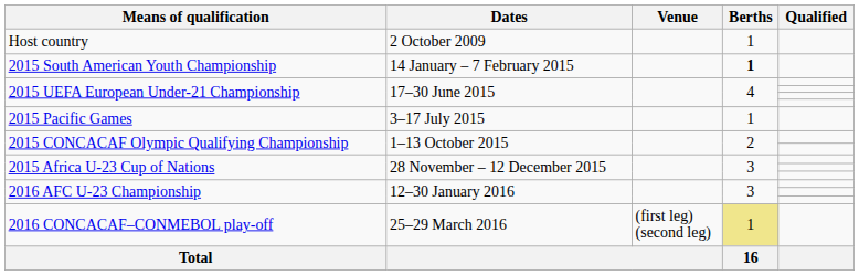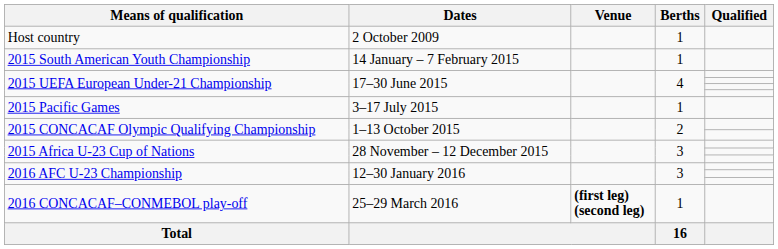 <table class="wikitable" width="70%">
 <tr>
 <th>Means of qualification</th>
 <th>Dates</th>
 <th>Venue</th>
 <th>Berths</th>
 <th>Qualified</th>
 </tr>
 <tr>
 <td>Host country</td>
 <td>2 October 2009</td>
 <td></td>
 <td align="center">1</td>
 <td></td>
 </tr>
 <tr>
 <td><a href='#'>2015 South American Youth Championship</a></td>
 <td>14 January – 7 February 2015</td>
 <td></td>
-<td align=center><strong>1</strong></td>
+<td align=center>1</td>
 <td></td>
 </tr>
 <tr>
 <td rowspan="4"><a href='#'>2015 UEFA European Under-21 Championship</a></td>
 <td rowspan="4">17–30 June 2015</td>
 <td rowspan="4"></td>
 <td rowspan="4" align=center>4</td>
 <td></td>
 </tr>
 <tr>
 <td></td>
 </tr>
 <tr>
 <td></td>
 </tr>
 <tr>
 <td></td>
 </tr>
 <tr>
 <td><a href='#'>2015 Pacific Games</a></td>
 <td>3–17 July 2015</td>
 <td></td>
 <td align=center>1</td>
 <td></td>
 </tr>
 <tr>
 <td rowspan="2"><a href='#'>2015 CONCACAF Olympic Qualifying Championship</a></td>
 <td rowspan="2">1–13 October 2015</td>
 <td rowspan="2"></td>
 <td rowspan="2" align=center>2</td>
 <td></td>
 </tr>
 <tr>
 <td></td>
 </tr>
 <tr>
 <td rowspan="3"><a href='#'>2015 Africa U-23 Cup of Nations</a></td>
 <td rowspan="3">28 November – 12 December 2015</td>
 <td rowspan="3"></td>
 <td rowspan="3" align=center>3</td>
 <td></td>
 </tr>
 <tr>
 <td></td>
 </tr>
 <tr>
 <td></td>
 </tr>
 <tr>
 <td rowspan="3"><a href='#'>2016 AFC U-23 Championship</a></td>
 <td rowspan="3">12–30 January 2016</td>
 <td rowspan="3"></td>
 <td rowspan="3" align=center>3</td>
 <td></td>
 </tr>
 <tr>
 <td></td>
 </tr>
 <tr>
 <td></td>
 </tr>
 <tr>
 <td><a href='#'>2016 CONCACAF–CONMEBOL play-off</a></td>
 <td>25–29 March 2016</td>
-<td> (first leg)<br> (second leg)</td>
-<td align=center style="background: khaki;">1</td>
+<td><strong> (first leg)<br> (second leg)</strong></td>
+<td align=center>1</td>
 <td></td>
 </tr>
 <tr>
 <th>Total</th>
 <th colspan=2></th>
 <th>16</th>
 <th></th>
 </tr>
 </table>
